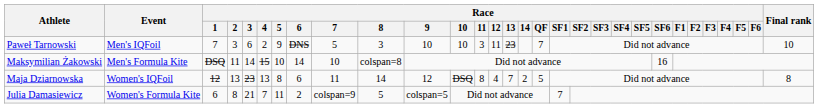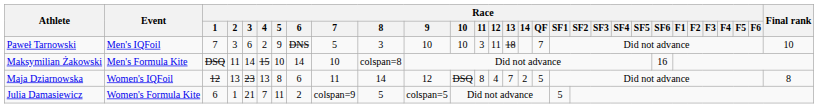 <table class="wikitable" style="font-size:90%">
 <tr>
 <th rowspan=2>Athlete</th>
 <th rowspan=2>Event</th>
 <th colspan=27>Race</th>
 <th rowspan=2>Final rank</th>
 </tr>
 <tr style="font-size:95%">
 <th>1</th>
 <th>2</th>
 <th>3</th>
 <th>4</th>
 <th>5</th>
 <th>6</th>
 <th>7</th>
 <th>8</th>
 <th>9</th>
 <th>10</th>
 <th>11</th>
 <th>12</th>
 <th>13</th>
 <th>14</th>
 <th>QF</th>
 <th>SF1</th>
 <th>SF2</th>
 <th>SF3</th>
 <th>SF4</th>
 <th>SF5</th>
 <th>SF6</th>
 <th>F1</th>
 <th>F2</th>
 <th>F3</th>
 <th>F4</th>
 <th>F5</th>
 <th>F6</th>
 </tr>
 <tr align=center>
 <td align=left><a href='#'>Paweł Tarnowski</a></td>
 <td align=left><a href='#'>Men's IQFoil</a></td>
 <td>7</td>
 <td>3</td>
 <td>6</td>
 <td>2</td>
 <td>9</td>
 <td><s>DNS</s></td>
 <td>5</td>
 <td>3</td>
 <td>10</td>
 <td>10</td>
 <td>3</td>
 <td>11</td>
-<td><s>23</s></td>
+<td><s>18</s></td>
 <td></td>
 <td>7</td>
 <td colspan=12>Did not advance</td>
 <td>10</td>
 </tr>
 <tr align=center>
 <td align=left><a href='#'>Maksymilian Żakowski</a></td>
 <td align=left><a href='#'>Men's Formula Kite</a></td>
 <td><s>DSQ</s></td>
 <td>11</td>
 <td>14</td>
 <td><s>15</s></td>
 <td>10</td>
 <td>14</td>
 <td>10</td>
 <td>colspan=8 </td>
 <td colspan=12>Did not advance</td>
 <td>16</td>
 </tr>
 <tr align=center>
 <td align=left><a href='#'>Maja Dziarnowska</a></td>
 <td align=left><a href='#'>Women's IQFoil</a></td>
 <td><s>12</s></td>
 <td>13</td>
 <td><s>23</s></td>
 <td>13</td>
 <td>8</td>
 <td>6</td>
 <td>11</td>
 <td>14</td>
 <td>12</td>
 <td><s>DSQ</s></td>
 <td>8</td>
 <td>4</td>
 <td>7</td>
 <td>2</td>
 <td>5</td>
 <td colspan=12>Did not advance</td>
 <td>8</td>
 </tr>
 <tr align=center>
 <td align=left><a href='#'>Julia Damasiewicz</a></td>
 <td align=left><a href='#'>Women's Formula Kite</a></td>
 <td>6</td>
-<td>8</td>
+<td>1</td>
 <td>21</td>
 <td>7</td>
 <td>11</td>
 <td>2</td>
 <td>colspan=9 </td>
 <td>5</td>
 <td>colspan=5 </td>
 <td colspan=6>Did not advance</td>
-<td>7</td>
+<td>5</td>
 </tr>
 </table>
